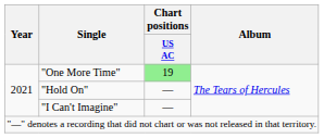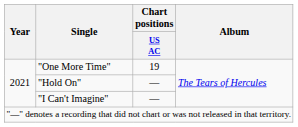 <table class="wikitable">
 <tr>
 <th rowspan="2">Year</th>
 <th rowspan="2">Single</th>
 <th colspan="1">Chart positions</th>
 <th rowspan="2">Album</th>
 </tr>
 <tr>
 <th width="35"><small><a href='#'>US<br>AC</a></small><br></th>
 </tr>
 <tr>
 <td align=center rowspan="3">2021</td>
 <td>"One More Time"</td>
-<td align=center style="background: lightgreen;">19</td>
+<td align=center>19</td>
 <td rowspan="3"><em><a href='#'>The Tears of Hercules</a></em></td>
 </tr>
 <tr>
 <td>"Hold On"</td>
 <td align=center>—</td>
 </tr>
 <tr>
 <td>"I Can't Imagine"</td>
 <td align=center>—</td>
 </tr>
 <tr>
 <td colspan="4" style="font-size:90%" align=center>"—" denotes a recording that did not chart or was not released in that territory.</td>
 </tr>
 </table>
